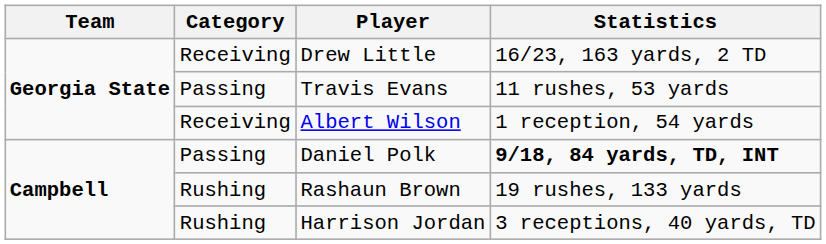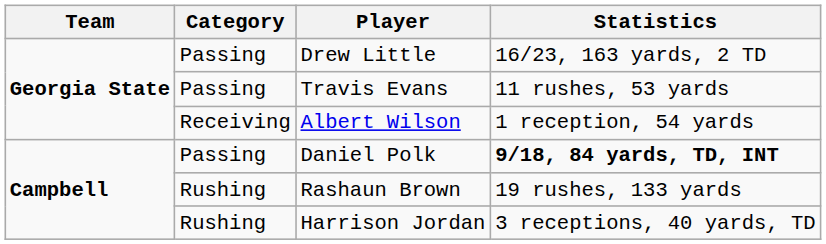 <table class="wikitable" style="float: right;">
 <tr>
 <th>Team</th>
 <th>Category</th>
 <th>Player</th>
 <th>Statistics</th>
 </tr>
 <tr>
 <td rowspan=3><strong>Georgia State</strong></td>
-<td>Receiving</td>
+<td>Passing</td>
 <td>Drew Little</td>
 <td>16/23, 163 yards, 2 TD</td>
 </tr>
 <tr>
 <td>Passing</td>
 <td>Travis Evans</td>
 <td>11 rushes, 53 yards</td>
 </tr>
 <tr>
 <td>Receiving</td>
 <td><a href='#'>Albert Wilson</a></td>
 <td>1 reception, 54 yards</td>
 </tr>
 <tr>
 <td rowspan=3><strong>Campbell</strong></td>
 <td>Passing</td>
 <td>Daniel Polk</td>
 <td><strong>9/18, 84 yards, TD, INT</strong></td>
 </tr>
 <tr>
 <td>Rushing</td>
 <td>Rashaun Brown</td>
 <td>19 rushes, 133 yards</td>
 </tr>
 <tr>
 <td>Rushing</td>
 <td>Harrison Jordan</td>
 <td>3 receptions, 40 yards, TD</td>
 </tr>
 </table>
